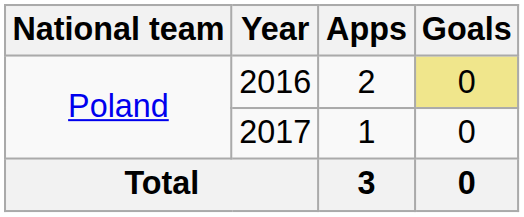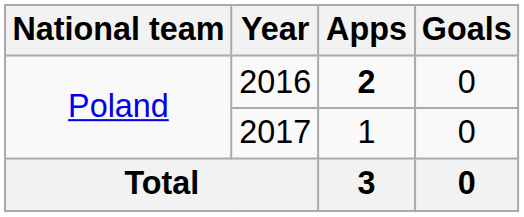 <table class="wikitable" style="text-align: center;">
 <tr>
 <th>National team</th>
 <th>Year</th>
 <th>Apps</th>
 <th>Goals</th>
 </tr>
 <tr>
 <td rowspan="2"><a href='#'>Poland</a></td>
 <td>2016</td>
-<td>2</td>
-<td style="background: khaki;">0</td>
+<td><strong>2</strong></td>
+<td>0</td>
 </tr>
 <tr>
 <td>2017</td>
 <td>1</td>
 <td>0</td>
 </tr>
 <tr>
 <th colspan="2">Total</th>
 <th>3</th>
 <th>0</th>
 </tr>
 </table>
